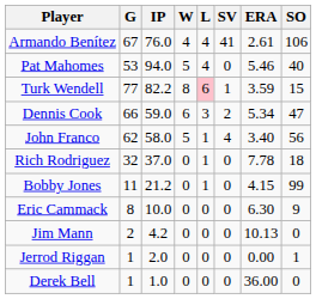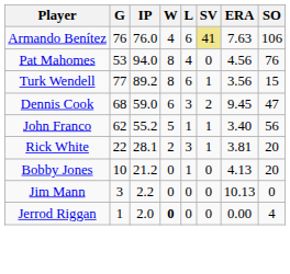 <table class="wikitable sortable">
 <tr>
 <th>Player</th>
 <th>G</th>
 <th>IP</th>
 <th>W</th>
 <th>L</th>
 <th>SV</th>
 <th>ERA</th>
 <th>SO</th>
 </tr>
 <tr align="center">
 <td><a href='#'>Armando Benítez</a></td>
-<td>67</td>
+<td>76</td>
 <td>76.0</td>
 <td>4</td>
-<td>4</td>
-<td>41</td>
-<td>2.61</td>
+<td>6</td>
+<td style="background: khaki;">41</td>
+<td>7.63</td>
 <td>106</td>
 </tr>
 <tr align="center">
 <td><a href='#'>Pat Mahomes</a></td>
 <td>53</td>
 <td>94.0</td>
-<td>5</td>
+<td>8</td>
 <td>4</td>
 <td>0</td>
-<td>5.46</td>
-<td>40</td>
+<td>4.56</td>
+<td>76</td>
 </tr>
 <tr align="center">
 <td><a href='#'>Turk Wendell</a></td>
 <td>77</td>
-<td>82.2</td>
+<td>89.2</td>
 <td>8</td>
-<td style="background: pink;">6</td>
+<td>6</td>
 <td>1</td>
-<td>3.59</td>
+<td>3.56</td>
 <td>15</td>
 </tr>
 <tr align="center">
 <td><a href='#'>Dennis Cook</a></td>
-<td>66</td>
+<td>68</td>
 <td>59.0</td>
 <td>6</td>
 <td>3</td>
 <td>2</td>
-<td>5.34</td>
+<td>9.45</td>
 <td>47</td>
 </tr>
 <tr align="center">
 <td><a href='#'>John Franco</a></td>
 <td>62</td>
-<td>58.0</td>
+<td>55.2</td>
 <td>5</td>
 <td>1</td>
-<td>4</td>
+<td>1</td>
 <td>3.40</td>
 <td>56</td>
 </tr>
 <tr align="center">
-<td><a href='#'>Rich Rodriguez</a></td>
-<td>32</td>
-<td>37.0</td>
-<td>0</td>
+<td><a href='#'>Rick White</a></td>
+<td>22</td>
+<td>28.1</td>
+<td>2</td>
+<td>3</td>
 <td>1</td>
-<td>0</td>
-<td>7.78</td>
-<td>18</td>
+<td>3.81</td>
+<td>20</td>
 </tr>
 <tr align="center">
 <td><a href='#'>Bobby Jones</a></td>
-<td>11</td>
+<td>10</td>
 <td>21.2</td>
 <td>0</td>
 <td>1</td>
 <td>0</td>
-<td>4.15</td>
-<td>99</td>
-</tr>
-<tr align="center">
-<td><a href='#'>Eric Cammack</a></td>
-<td>8</td>
-<td>10.0</td>
-<td>0</td>
-<td>0</td>
-<td>0</td>
-<td>6.30</td>
-<td>9</td>
+<td>4.13</td>
+<td>20</td>
 </tr>
 <tr align="center">
 <td><a href='#'>Jim Mann</a></td>
-<td>2</td>
-<td>4.2</td>
+<td>3</td>
+<td>2.2</td>
 <td>0</td>
 <td>0</td>
 <td>0</td>
 <td>10.13</td>
 <td>0</td>
 </tr>
 <tr align="center">
 <td><a href='#'>Jerrod Riggan</a></td>
 <td>1</td>
 <td>2.0</td>
-<td>0</td>
+<td><strong>0</strong></td>
 <td>0</td>
 <td>0</td>
 <td>0.00</td>
-<td>1</td>
-</tr>
-<tr align="center">
-<td><a href='#'>Derek Bell</a></td>
-<td>1</td>
-<td>1.0</td>
-<td>0</td>
-<td>0</td>
-<td>0</td>
-<td>36.00</td>
-<td>0</td>
+<td>4</td>
 </tr>
 </table>
